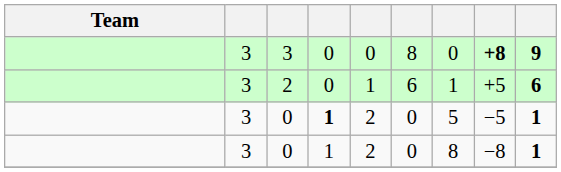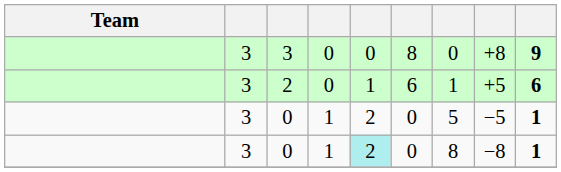 <table class="wikitable" style="text-align: center;">
 <tr>
 <th width="165">Team</th>
 <th width="25"></th>
 <th width="25"></th>
 <th width="25"></th>
 <th width="25"></th>
 <th width="25"></th>
 <th width="25"></th>
 <th width="25"></th>
 <th width="25"></th>
 </tr>
 <tr style="background:#cfc;">
 <td align=left></td>
 <td>3</td>
 <td>3</td>
 <td>0</td>
 <td>0</td>
 <td>8</td>
 <td>0</td>
-<td><strong>+8</strong></td>
+<td>+8</td>
 <td><strong>9</strong></td>
 </tr>
 <tr style="background:#cfc;">
 <td align=left></td>
 <td>3</td>
 <td>2</td>
 <td>0</td>
 <td>1</td>
 <td>6</td>
 <td>1</td>
 <td>+5</td>
 <td><strong>6</strong></td>
 </tr>
 <tr>
 <td align=left></td>
 <td>3</td>
 <td>0</td>
-<td><strong>1</strong></td>
+<td>1</td>
 <td>2</td>
 <td>0</td>
 <td>5</td>
 <td>−5</td>
 <td><strong>1</strong></td>
 </tr>
 <tr>
 <td align=left></td>
 <td>3</td>
 <td>0</td>
 <td>1</td>
-<td>2</td>
+<td style="background: paleturquoise;">2</td>
 <td>0</td>
 <td>8</td>
 <td>−8</td>
 <td><strong>1</strong></td>
 </tr>
 <tr>
 </tr>
 </table>
